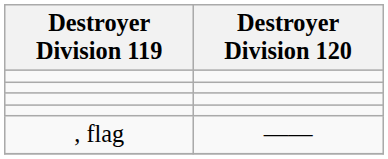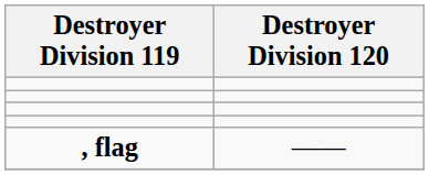 <table class="wikitable" style="text-align:center" width=40%>
 <tr>
 <th colspan="1" width="25%" align="center">Destroyer Division 119</th>
 <th colspan="1" width="25%" align="center">Destroyer Division 120</th>
 </tr>
 <tr>
 <td></td>
 <td></td>
 </tr>
 <tr>
 <td></td>
 <td></td>
 </tr>
 <tr>
 <td></td>
 <td></td>
 </tr>
 <tr>
 <td></td>
 <td></td>
 </tr>
 <tr>
-<td>, flag</td>
+<td><strong>, flag</strong></td>
 <td>——</td>
 </tr>
 <tr>
 </tr>
 </table>
